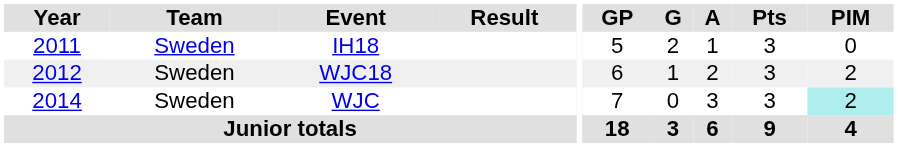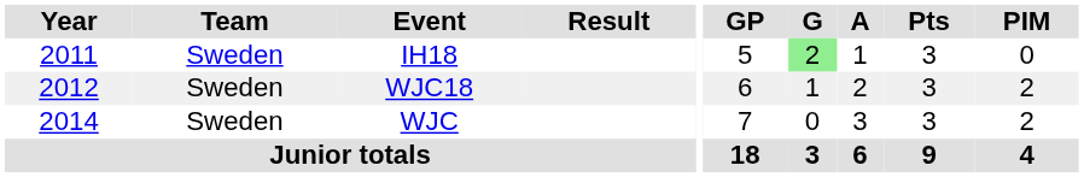 <table border="0" cellpadding="1" cellspacing="0" ID="Table3" style="text-align:center; width:40em">
 <tr ALIGN="center" bgcolor="#e0e0e0">
 <th>Year</th>
 <th>Team</th>
 <th>Event</th>
 <th>Result</th>
 <th rowspan="99" bgcolor="#ffffff"></th>
 <th>GP</th>
 <th>G</th>
 <th>A</th>
 <th>Pts</th>
 <th>PIM</th>
 </tr>
 <tr>
 <td><a href='#'>2011</a></td>
 <td><a href='#'>Sweden</a></td>
 <td><a href='#'>IH18</a></td>
 <td></td>
 <td>5</td>
-<td>2</td>
+<td style="background: lightgreen;">2</td>
 <td>1</td>
 <td>3</td>
 <td>0</td>
 </tr>
 <tr bgcolor="#f0f0f0">
 <td><a href='#'>2012</a></td>
 <td>Sweden</td>
 <td><a href='#'>WJC18</a></td>
 <td></td>
 <td>6</td>
 <td>1</td>
 <td>2</td>
 <td>3</td>
 <td>2</td>
 </tr>
 <tr>
 <td><a href='#'>2014</a></td>
 <td>Sweden</td>
 <td><a href='#'>WJC</a></td>
 <td></td>
 <td>7</td>
 <td>0</td>
 <td>3</td>
 <td>3</td>
-<td style="background: paleturquoise;">2</td>
+<td>2</td>
 </tr>
 <tr bgcolor="#e0e0e0">
 <th colspan="4">Junior totals</th>
 <th>18</th>
 <th>3</th>
 <th>6</th>
 <th>9</th>
 <th>4</th>
 </tr>
 </table>
